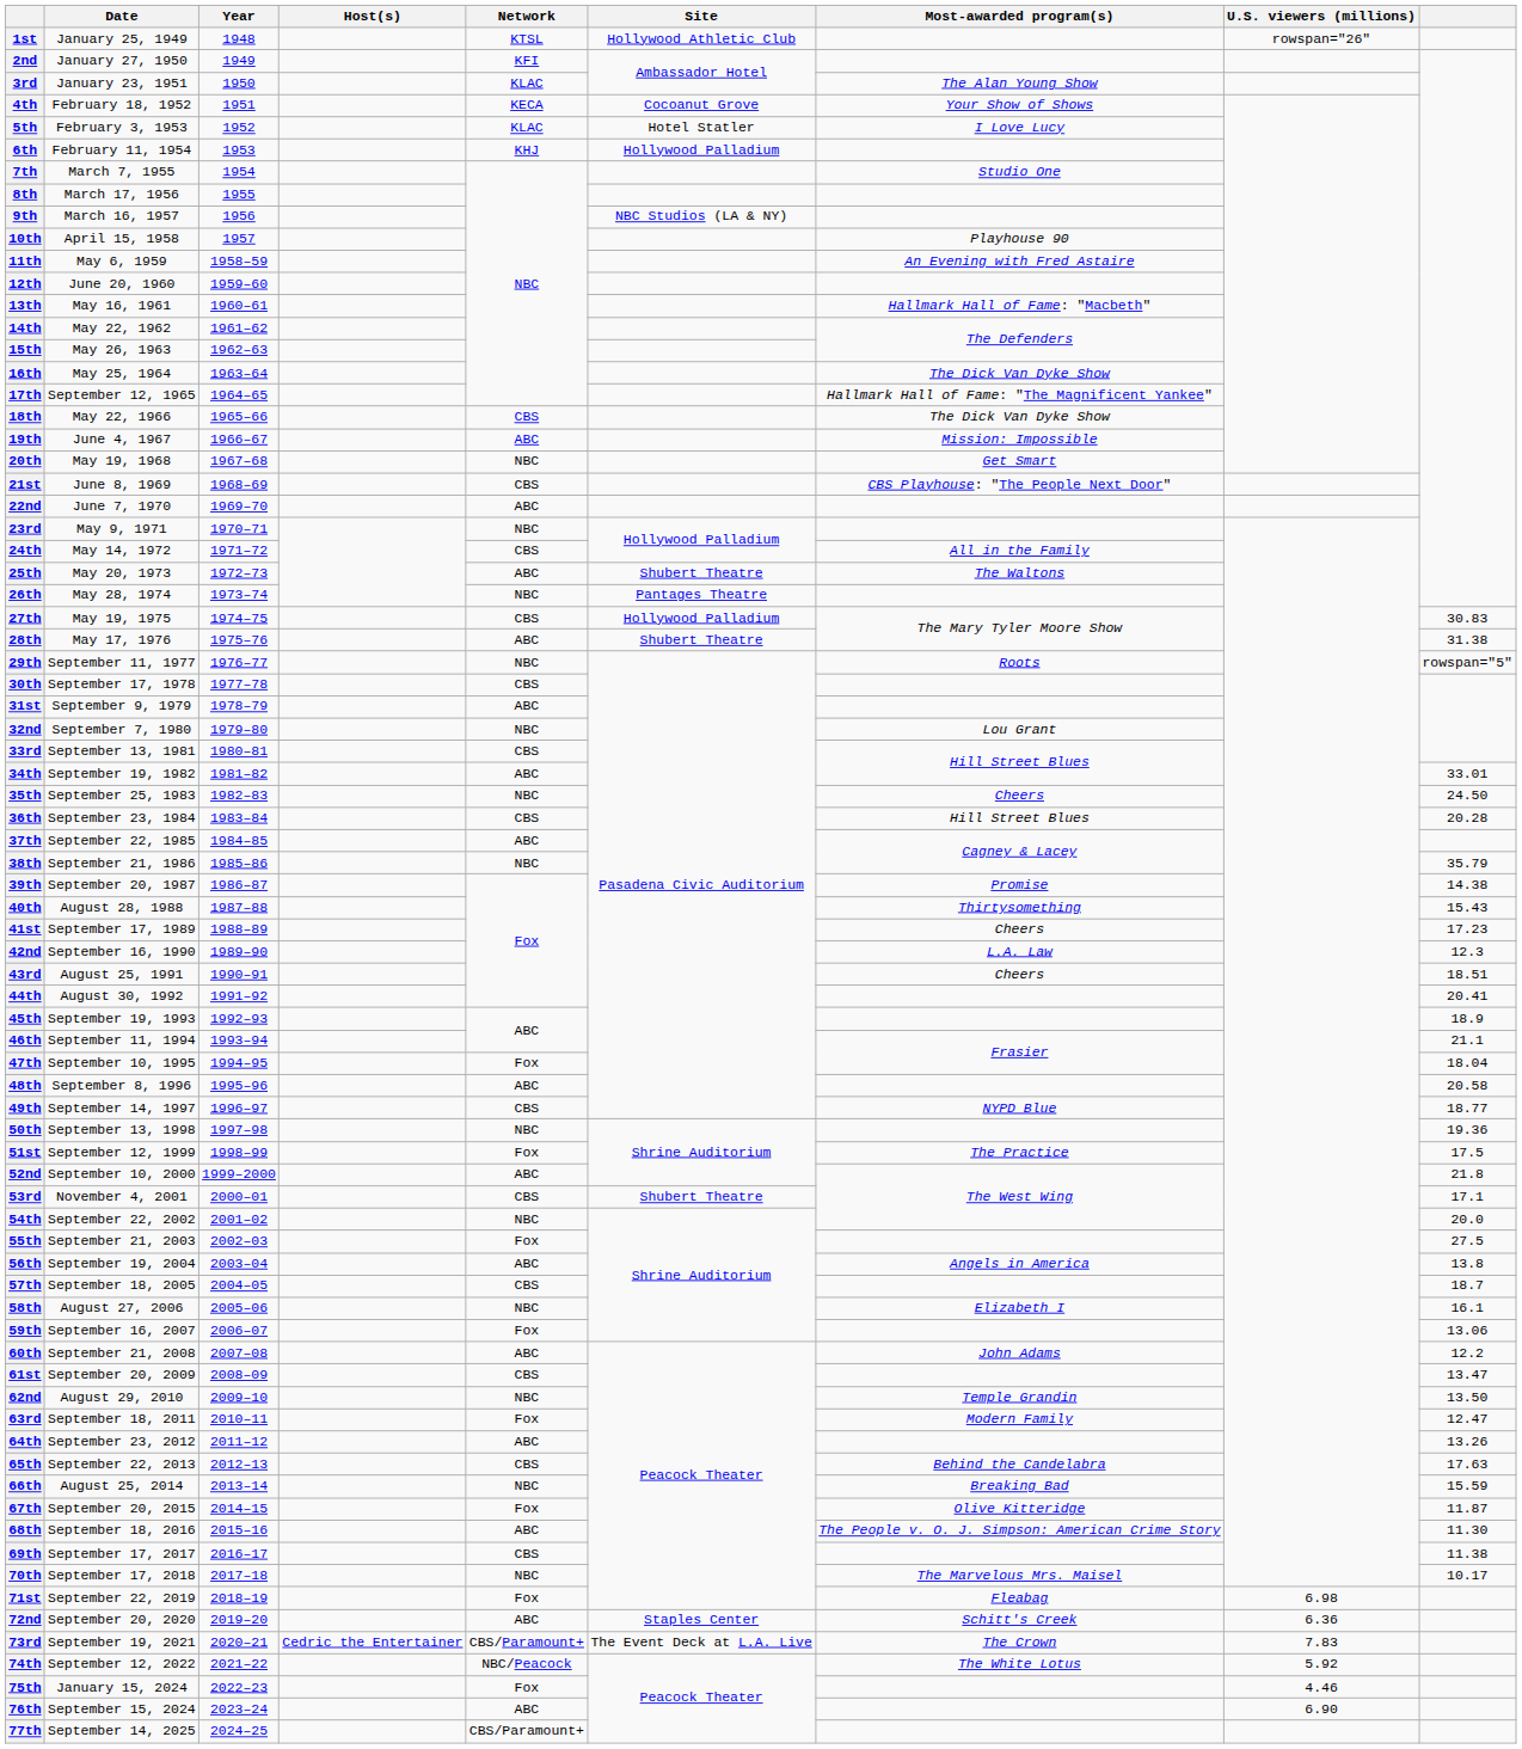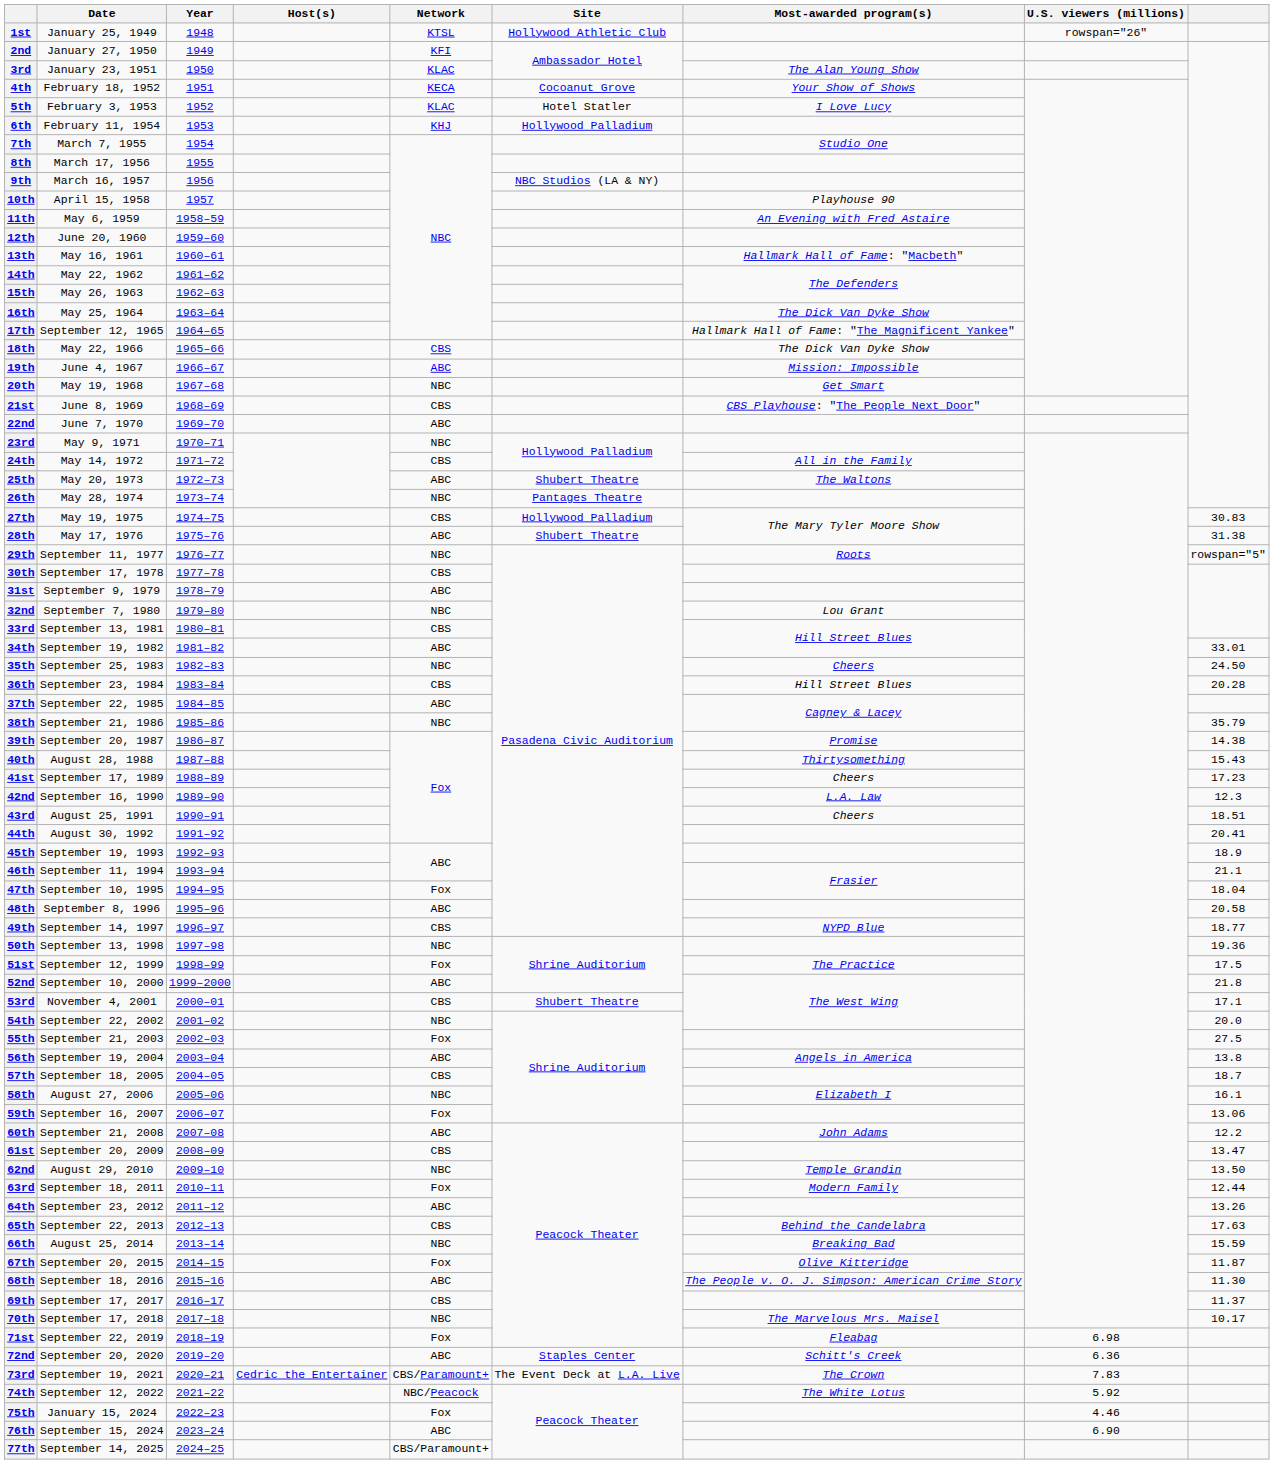 <table class="sortable wikitable" style="text-align: center">
 <tr>
 <th scope="col"></th>
 <th scope="col">Date</th>
 <th scope="col">Year</th>
 <th scope="col">Host(s)</th>
 <th scope="col">Network</th>
 <th scope="col">Site</th>
 <th scope="col">Most-awarded program(s)</th>
 <th scope="col">U.S. viewers (millions)</th>
 <th scope="col" class="unsortable"></th>
 </tr>
 <tr>
 <th scope="row"><a href='#'>1st</a></th>
 <td>January 25, 1949</td>
 <td><a href='#'>1948</a></td>
 <td></td>
 <td><a href='#'>KTSL</a></td>
 <td><a href='#'>Hollywood Athletic Club</a></td>
 <td></td>
 <td>rowspan="26" </td>
 <td></td>
 </tr>
 <tr>
 <th scope="row"><a href='#'>2nd</a></th>
 <td>January 27, 1950</td>
 <td><a href='#'>1949</a></td>
 <td></td>
 <td><a href='#'>KFI</a></td>
 <td rowspan="2"><a href='#'>Ambassador Hotel</a></td>
 <td data-sort-value="Ed Wynn Show"></td>
 <td></td>
 </tr>
 <tr>
 <th scope="row"><a href='#'>3rd</a></th>
 <td>January 23, 1951</td>
 <td><a href='#'>1950</a></td>
 <td></td>
 <td><a href='#'>KLAC</a></td>
 <td data-sort-value="Alan Young Show"><em><a href='#'>The Alan Young Show</a></em></td>
 <td></td>
 </tr>
 <tr>
 <th scope="row"><a href='#'>4th</a></th>
 <td>February 18, 1952</td>
 <td><a href='#'>1951</a></td>
 <td></td>
 <td><a href='#'>KECA</a></td>
 <td><a href='#'>Cocoanut Grove</a></td>
 <td><em><a href='#'>Your Show of Shows</a></em></td>
 <td rowspan="17"></td>
 </tr>
 <tr>
 <th scope="row"><a href='#'>5th</a></th>
 <td>February 3, 1953</td>
 <td><a href='#'>1952</a></td>
 <td></td>
 <td><a href='#'>KLAC</a></td>
 <td>Hotel Statler</td>
 <td><em><a href='#'>I Love Lucy</a></em></td>
 </tr>
 <tr>
 <th scope="row"><a href='#'>6th</a></th>
 <td>February 11, 1954</td>
 <td><a href='#'>1953</a></td>
 <td></td>
 <td><a href='#'>KHJ</a></td>
 <td><a href='#'>Hollywood Palladium</a></td>
 <td></td>
 </tr>
 <tr>
 <th scope="row"><a href='#'>7th</a></th>
 <td>March 7, 1955</td>
 <td><a href='#'>1954</a></td>
 <td></td>
 <td rowspan="11"><a href='#'>NBC</a></td>
 <td></td>
 <td><em><a href='#'>Studio One</a></em></td>
 </tr>
 <tr>
 <th scope="row"><a href='#'>8th</a></th>
 <td>March 17, 1956</td>
 <td><a href='#'>1955</a></td>
 <td></td>
 <td></td>
 <td data-sort-value="Phil Silvers Show"></td>
 </tr>
 <tr>
 <th scope="row"><a href='#'>9th</a></th>
 <td>March 16, 1957</td>
 <td><a href='#'>1956</a></td>
 <td></td>
 <td><a href='#'>NBC Studios</a> (LA & NY)</td>
 <td></td>
 </tr>
 <tr>
 <th scope="row"><a href='#'>10th</a></th>
 <td>April 15, 1958</td>
 <td><a href='#'>1957</a></td>
 <td></td>
 <td></td>
 <td><em>Playhouse 90</em></td>
 </tr>
 <tr>
 <th scope="row"><a href='#'>11th</a></th>
 <td>May 6, 1959</td>
 <td><a href='#'>1958–59</a></td>
 <td></td>
 <td></td>
 <td data-sort-value="Evening with Fred Astaire"><em><a href='#'>An Evening with Fred Astaire</a></em></td>
 </tr>
 <tr>
 <th scope="row"><a href='#'>12th</a></th>
 <td>June 20, 1960</td>
 <td><a href='#'>1959–60</a></td>
 <td></td>
 <td></td>
 <td data-sort-value="Jack Benny Show"></td>
 </tr>
 <tr>
 <th scope="row"><a href='#'>13th</a></th>
 <td>May 16, 1961</td>
 <td><a href='#'>1960–61</a></td>
 <td></td>
 <td></td>
 <td><em><a href='#'>Hallmark Hall of Fame</a></em>: "<a href='#'>Macbeth</a>"</td>
 </tr>
 <tr>
 <th scope="row"><a href='#'>14th</a></th>
 <td>May 22, 1962</td>
 <td><a href='#'>1961–62</a></td>
 <td></td>
 <td></td>
 <td rowspan="2" data-sort-value="Defenders"><em><a href='#'>The Defenders</a></em></td>
 </tr>
 <tr>
 <th scope="row"><a href='#'>15th</a></th>
 <td>May 26, 1963</td>
 <td><a href='#'>1962–63</a></td>
 <td></td>
 <td></td>
 </tr>
 <tr>
 <th scope="row"><a href='#'>16th</a></th>
 <td>May 25, 1964</td>
 <td><a href='#'>1963–64</a></td>
 <td></td>
 <td></td>
 <td data-sort-value="Dick Van Dyke Show"><em><a href='#'>The Dick Van Dyke Show</a></em></td>
 </tr>
 <tr>
 <th scope="row"><a href='#'>17th</a></th>
 <td>September 12, 1965</td>
 <td><a href='#'>1964–65</a></td>
 <td></td>
 <td></td>
 <td><em>Hallmark Hall of Fame</em>: "<a href='#'>The Magnificent Yankee</a>"</td>
 </tr>
 <tr>
 <th scope="row"><a href='#'>18th</a></th>
 <td>May 22, 1966</td>
 <td><a href='#'>1965–66</a></td>
 <td></td>
 <td><a href='#'>CBS</a></td>
 <td></td>
 <td data-sort-value="Dick Van Dyke Show"><em>The Dick Van Dyke Show</em></td>
 </tr>
 <tr>
 <th scope="row"><a href='#'>19th</a></th>
 <td>June 4, 1967</td>
 <td><a href='#'>1966–67</a></td>
 <td></td>
 <td><a href='#'>ABC</a></td>
 <td data-sort-value="Century Plaza Hotel"></td>
 <td><em><a href='#'>Mission: Impossible</a></em></td>
 </tr>
 <tr>
 <th scope="row"><a href='#'>20th</a></th>
 <td>May 19, 1968</td>
 <td><a href='#'>1967–68</a></td>
 <td></td>
 <td>NBC</td>
 <td></td>
 <td><em><a href='#'>Get Smart</a></em></td>
 </tr>
 <tr>
 <th scope="row"><a href='#'>21st</a></th>
 <td>June 8, 1969</td>
 <td><a href='#'>1968–69</a></td>
 <td></td>
 <td>CBS</td>
 <td></td>
 <td><em><a href='#'>CBS Playhouse</a></em>: "<a href='#'>The People Next Door</a>"</td>
 <td></td>
 </tr>
 <tr>
 <th scope="row"><a href='#'>22nd</a></th>
 <td>June 7, 1970</td>
 <td><a href='#'>1969–70</a></td>
 <td></td>
 <td>ABC</td>
 <td data-sort-value="Century Plaza Hotel"></td>
 <td></td>
 <td></td>
 </tr>
 <tr>
 <th scope="row"><a href='#'>23rd</a></th>
 <td>May 9, 1971</td>
 <td><a href='#'>1970–71</a></td>
 <td rowspan="4"></td>
 <td>NBC</td>
 <td rowspan="2"><a href='#'>Hollywood Palladium</a></td>
 <td data-sort-value="Bold Ones: The Senator"></td>
 <td rowspan="48"></td>
 </tr>
 <tr>
 <th scope="row"><a href='#'>24th</a></th>
 <td>May 14, 1972</td>
 <td><a href='#'>1971–72</a></td>
 <td>CBS</td>
 <td><em><a href='#'>All in the Family</a></em></td>
 </tr>
 <tr>
 <th scope="row"><a href='#'>25th</a></th>
 <td>May 20, 1973</td>
 <td><a href='#'>1972–73</a></td>
 <td>ABC</td>
 <td><a href='#'>Shubert Theatre</a></td>
 <td data-sort-value="Waltons"><em><a href='#'>The Waltons</a></em></td>
 </tr>
 <tr>
 <th scope="row"><a href='#'>26th</a></th>
 <td>May 28, 1974</td>
 <td><a href='#'>1973–74</a></td>
 <td>NBC</td>
 <td><a href='#'>Pantages Theatre</a></td>
 <td data-sort-value="Autobiography of Miss Jane Pittman"></td>
 </tr>
 <tr>
 <th scope="row"><a href='#'>27th</a></th>
 <td>May 19, 1975</td>
 <td><a href='#'>1974–75</a></td>
 <td></td>
 <td>CBS</td>
 <td><a href='#'>Hollywood Palladium</a></td>
 <td rowspan="2" data-sort-value="Mary Tyler Moore Show"><em>The Mary Tyler Moore Show</em></td>
 <td>30.83</td>
 </tr>
 <tr>
 <th scope="row"><a href='#'>28th</a></th>
 <td>May 17, 1976</td>
 <td><a href='#'>1975–76</a></td>
 <td></td>
 <td>ABC</td>
 <td><a href='#'>Shubert Theatre</a></td>
 <td>31.38</td>
 </tr>
 <tr>
 <th scope="row"><a href='#'>29th</a></th>
 <td>September 11, 1977</td>
 <td><a href='#'>1976–77</a></td>
 <td></td>
 <td>NBC</td>
 <td rowspan="21"><a href='#'>Pasadena Civic Auditorium</a></td>
 <td><em><a href='#'>Roots</a></em></td>
 <td>rowspan="5" </td>
 </tr>
 <tr>
 <th scope="row"><a href='#'>30th</a></th>
 <td>September 17, 1978</td>
 <td><a href='#'>1977–78</a></td>
 <td></td>
 <td>CBS</td>
 <td></td>
 </tr>
 <tr>
 <th scope="row"><a href='#'>31st</a></th>
 <td>September 9, 1979</td>
 <td><a href='#'>1978–79</a></td>
 <td></td>
 <td>ABC</td>
 <td></td>
 </tr>
 <tr>
 <th scope="row"><a href='#'>32nd</a></th>
 <td>September 7, 1980</td>
 <td><a href='#'>1979–80</a></td>
 <td></td>
 <td>NBC</td>
 <td><em>Lou Grant</em></td>
 </tr>
 <tr>
 <th scope="row"><a href='#'>33rd</a></th>
 <td>September 13, 1981</td>
 <td><a href='#'>1980–81</a></td>
 <td></td>
 <td>CBS</td>
 <td rowspan="2"><em><a href='#'>Hill Street Blues</a></em></td>
 </tr>
 <tr>
 <th scope="row"><a href='#'>34th</a></th>
 <td>September 19, 1982</td>
 <td><a href='#'>1981–82</a></td>
 <td></td>
 <td>ABC</td>
 <td>33.01</td>
 </tr>
 <tr>
 <th scope="row"><a href='#'>35th</a></th>
 <td>September 25, 1983</td>
 <td><a href='#'>1982–83</a></td>
 <td></td>
 <td>NBC</td>
 <td><em><a href='#'>Cheers</a></em></td>
 <td>24.50</td>
 </tr>
 <tr>
 <th scope="row"><a href='#'>36th</a></th>
 <td>September 23, 1984</td>
 <td><a href='#'>1983–84</a></td>
 <td></td>
 <td>CBS</td>
 <td><em>Hill Street Blues</em></td>
 <td>20.28</td>
 </tr>
 <tr>
 <th scope="row"><a href='#'>37th</a></th>
 <td>September 22, 1985</td>
 <td><a href='#'>1984–85</a></td>
 <td></td>
 <td>ABC</td>
 <td rowspan="2"><em><a href='#'>Cagney & Lacey</a></em></td>
 <td></td>
 </tr>
 <tr>
 <th scope="row"><a href='#'>38th</a></th>
 <td>September 21, 1986</td>
 <td><a href='#'>1985–86</a></td>
 <td></td>
 <td>NBC</td>
 <td>35.79</td>
 </tr>
 <tr>
 <th scope="row"><a href='#'>39th</a></th>
 <td>September 20, 1987</td>
 <td><a href='#'>1986–87</a></td>
 <td></td>
 <td rowspan="6"><a href='#'>Fox</a></td>
 <td><em><a href='#'>Promise</a></em></td>
 <td>14.38</td>
 </tr>
 <tr>
 <th scope="row"><a href='#'>40th</a></th>
 <td>August 28, 1988</td>
 <td><a href='#'>1987–88</a></td>
 <td></td>
 <td><em><a href='#'>Thirtysomething</a></em></td>
 <td>15.43</td>
 </tr>
 <tr>
 <th scope="row"><a href='#'>41st</a></th>
 <td>September 17, 1989</td>
 <td><a href='#'>1988–89</a></td>
 <td></td>
 <td><em>Cheers</em></td>
 <td>17.23</td>
 </tr>
 <tr>
 <th scope="row"><a href='#'>42nd</a></th>
 <td>September 16, 1990</td>
 <td><a href='#'>1989–90</a></td>
 <td></td>
 <td><em><a href='#'>L.A. Law</a></em></td>
 <td>12.3</td>
 </tr>
 <tr>
 <th scope="row"><a href='#'>43rd</a></th>
 <td>August 25, 1991</td>
 <td><a href='#'>1990–91</a></td>
 <td></td>
 <td><em>Cheers</em></td>
 <td>18.51</td>
 </tr>
 <tr>
 <th scope="row"><a href='#'>44th</a></th>
 <td>August 30, 1992</td>
 <td><a href='#'>1991–92</a></td>
 <td></td>
 <td></td>
 <td>20.41</td>
 </tr>
 <tr>
 <th scope="row"><a href='#'>45th</a></th>
 <td>September 19, 1993</td>
 <td><a href='#'>1992–93</a></td>
 <td></td>
 <td rowspan="2">ABC</td>
 <td></td>
 <td>18.9</td>
 </tr>
 <tr>
 <th scope="row"><a href='#'>46th</a></th>
 <td>September 11, 1994</td>
 <td><a href='#'>1993–94</a></td>
 <td></td>
 <td rowspan="2"><em><a href='#'>Frasier</a></em></td>
 <td>21.1</td>
 </tr>
 <tr>
 <th scope="row"><a href='#'>47th</a></th>
 <td>September 10, 1995</td>
 <td><a href='#'>1994–95</a></td>
 <td></td>
 <td>Fox</td>
 <td>18.04</td>
 </tr>
 <tr>
 <th scope="row"><a href='#'>48th</a></th>
 <td>September 8, 1996</td>
 <td><a href='#'>1995–96</a></td>
 <td></td>
 <td>ABC</td>
 <td></td>
 <td>20.58</td>
 </tr>
 <tr>
 <th scope="row"><a href='#'>49th</a></th>
 <td>September 14, 1997</td>
 <td><a href='#'>1996–97</a></td>
 <td></td>
 <td>CBS</td>
 <td><em><a href='#'>NYPD Blue</a></em></td>
 <td>18.77</td>
 </tr>
 <tr>
 <th scope="row"><a href='#'>50th</a></th>
 <td>September 13, 1998</td>
 <td><a href='#'>1997–98</a></td>
 <td></td>
 <td>NBC</td>
 <td rowspan="3"><a href='#'>Shrine Auditorium</a></td>
 <td></td>
 <td>19.36</td>
 </tr>
 <tr>
 <th scope="row"><a href='#'>51st</a></th>
 <td>September 12, 1999</td>
 <td><a href='#'>1998–99</a></td>
 <td></td>
 <td>Fox</td>
 <td data-sort-value="Practice"><em><a href='#'>The Practice</a></em></td>
 <td>17.5</td>
 </tr>
 <tr>
 <th scope="row"><a href='#'>52nd</a></th>
 <td>September 10, 2000</td>
 <td><a href='#'>1999–2000</a></td>
 <td></td>
 <td>ABC</td>
 <td rowspan="3" data-sort-value="West Wing"><em><a href='#'>The West Wing</a></em></td>
 <td>21.8</td>
 </tr>
 <tr>
 <th scope="row"><a href='#'>53rd</a></th>
 <td>November 4, 2001</td>
 <td><a href='#'>2000–01</a></td>
 <td></td>
 <td>CBS</td>
 <td><a href='#'>Shubert Theatre</a></td>
 <td>17.1</td>
 </tr>
 <tr>
 <th scope="row"><a href='#'>54th</a></th>
 <td>September 22, 2002</td>
 <td><a href='#'>2001–02</a></td>
 <td></td>
 <td>NBC</td>
 <td rowspan="6"><a href='#'>Shrine Auditorium</a></td>
 <td>20.0</td>
 </tr>
 <tr>
 <th scope="row"><a href='#'>55th</a></th>
 <td>September 21, 2003</td>
 <td><a href='#'>2002–03</a></td>
 <td></td>
 <td>Fox</td>
 <td></td>
 <td>27.5</td>
 </tr>
 <tr>
 <th scope="row"><a href='#'>56th</a></th>
 <td>September 19, 2004</td>
 <td><a href='#'>2003–04</a></td>
 <td></td>
 <td>ABC</td>
 <td><em><a href='#'>Angels in America</a></em></td>
 <td>13.8</td>
 </tr>
 <tr>
 <th scope="row"><a href='#'>57th</a></th>
 <td>September 18, 2005</td>
 <td><a href='#'>2004–05</a></td>
 <td></td>
 <td>CBS</td>
 <td></td>
 <td>18.7</td>
 </tr>
 <tr>
 <th scope="row"><a href='#'>58th</a></th>
 <td>August 27, 2006</td>
 <td><a href='#'>2005–06</a></td>
 <td></td>
 <td>NBC</td>
 <td><em><a href='#'>Elizabeth I</a></em></td>
 <td>16.1</td>
 </tr>
 <tr>
 <th scope="row"><a href='#'>59th</a></th>
 <td>September 16, 2007</td>
 <td><a href='#'>2006–07</a></td>
 <td></td>
 <td>Fox</td>
 <td></td>
 <td>13.06</td>
 </tr>
 <tr>
 <th scope="row"><a href='#'>60th</a></th>
 <td>September 21, 2008</td>
 <td><a href='#'>2007–08</a></td>
 <td></td>
 <td>ABC</td>
 <td rowspan="12"><a href='#'>Peacock Theater</a></td>
 <td><em><a href='#'>John Adams</a></em></td>
 <td>12.2</td>
 </tr>
 <tr>
 <th scope="row"><a href='#'>61st</a></th>
 <td>September 20, 2009</td>
 <td><a href='#'>2008–09</a></td>
 <td></td>
 <td>CBS</td>
 <td></td>
 <td>13.47</td>
 </tr>
 <tr>
 <th scope="row"><a href='#'>62nd</a></th>
 <td>August 29, 2010</td>
 <td><a href='#'>2009–10</a></td>
 <td></td>
 <td>NBC</td>
 <td><em><a href='#'>Temple Grandin</a></em></td>
 <td>13.50</td>
 </tr>
 <tr>
 <th scope="row"><a href='#'>63rd</a></th>
 <td>September 18, 2011</td>
 <td><a href='#'>2010–11</a></td>
 <td></td>
 <td>Fox</td>
 <td><em><a href='#'>Modern Family</a></em></td>
-<td>12.47</td>
+<td>12.44</td>
 </tr>
 <tr>
 <th scope="row"><a href='#'>64th</a></th>
 <td>September 23, 2012</td>
 <td><a href='#'>2011–12</a></td>
 <td></td>
 <td>ABC</td>
 <td></td>
 <td>13.26</td>
 </tr>
 <tr>
 <th scope="row"><a href='#'>65th</a></th>
 <td>September 22, 2013</td>
 <td><a href='#'>2012–13</a></td>
 <td></td>
 <td>CBS</td>
 <td><em><a href='#'>Behind the Candelabra</a></em></td>
 <td>17.63</td>
 </tr>
 <tr>
 <th scope="row"><a href='#'>66th</a></th>
 <td>August 25, 2014</td>
 <td><a href='#'>2013–14</a></td>
 <td></td>
 <td>NBC</td>
 <td><em><a href='#'>Breaking Bad</a></em></td>
 <td>15.59</td>
 </tr>
 <tr>
 <th scope="row"><a href='#'>67th</a></th>
 <td>September 20, 2015</td>
 <td><a href='#'>2014–15</a></td>
 <td></td>
 <td>Fox</td>
 <td><em><a href='#'>Olive Kitteridge</a></em></td>
 <td>11.87</td>
 </tr>
 <tr>
 <th scope="row"><a href='#'>68th</a></th>
 <td>September 18, 2016</td>
 <td><a href='#'>2015–16</a></td>
 <td></td>
 <td>ABC</td>
 <td data-sort-value="People v. O. J. Simpson: American Crime Story"><em><a href='#'>The People v. O. J. Simpson: American Crime Story</a></em></td>
 <td>11.30</td>
 </tr>
 <tr>
 <th scope="row"><a href='#'>69th</a></th>
 <td>September 17, 2017</td>
 <td><a href='#'>2016–17</a></td>
 <td></td>
 <td>CBS</td>
 <td></td>
-<td>11.38</td>
+<td>11.37</td>
 </tr>
 <tr>
 <th scope="row"><a href='#'>70th</a></th>
 <td>September 17, 2018</td>
 <td><a href='#'>2017–18</a></td>
 <td></td>
 <td>NBC</td>
 <td data-sort-value="Marvelous Mrs. Maisel"><em><a href='#'>The Marvelous Mrs. Maisel</a></em></td>
 <td>10.17</td>
 </tr>
 <tr>
 <th scope="row"><a href='#'>71st</a></th>
 <td>September 22, 2019</td>
 <td><a href='#'>2018–19</a></td>
 <td></td>
 <td>Fox</td>
 <td><em><a href='#'>Fleabag</a></em></td>
 <td>6.98</td>
 <td></td>
 </tr>
 <tr>
 <th scope="row"><a href='#'>72nd</a></th>
 <td>September 20, 2020</td>
 <td><a href='#'>2019–20</a></td>
 <td></td>
 <td>ABC</td>
 <td><a href='#'>Staples Center</a></td>
 <td><em><a href='#'>Schitt's Creek</a></em></td>
 <td>6.36</td>
 <td></td>
 </tr>
 <tr>
 <th scope="row"><a href='#'>73rd</a></th>
 <td>September 19, 2021</td>
 <td><a href='#'>2020–21</a></td>
 <td><a href='#'>Cedric the Entertainer</a></td>
 <td>CBS/<a href='#'>Paramount+</a></td>
 <td data-sort-value="Event Deck at L.A. Live">The Event Deck at <a href='#'>L.A. Live</a></td>
 <td data-sort-value="Crown"><em><a href='#'>The Crown</a></em></td>
 <td>7.83</td>
 <td></td>
 </tr>
 <tr>
 <th scope="row"><a href='#'>74th</a></th>
 <td>September 12, 2022</td>
 <td><a href='#'>2021–22</a></td>
 <td></td>
 <td>NBC/<a href='#'>Peacock</a></td>
 <td rowspan="4"><a href='#'>Peacock Theater</a></td>
 <td data-sort-value="White Lotus"><em><a href='#'>The White Lotus</a></em></td>
 <td>5.92</td>
 <td></td>
 </tr>
 <tr>
 <th scope="row"><a href='#'>75th</a></th>
 <td>January 15, 2024</td>
 <td><a href='#'>2022–23</a></td>
 <td></td>
 <td>Fox</td>
 <td data-sort-value="Bear"></td>
 <td>4.46</td>
 <td></td>
 </tr>
 <tr>
 <th scope="row"><a href='#'>76th</a></th>
 <td>September 15, 2024</td>
 <td><a href='#'>2023–24</a></td>
 <td></td>
 <td>ABC</td>
 <td></td>
 <td>6.90</td>
 <td></td>
 </tr>
 <tr>
 <th scope="row"><a href='#'>77th</a></th>
 <td>September 14, 2025</td>
 <td><a href='#'>2024–25</a></td>
 <td></td>
 <td>CBS/Paramount+</td>
 <td></td>
 <td></td>
 <td></td>
 </tr>
 </table>
